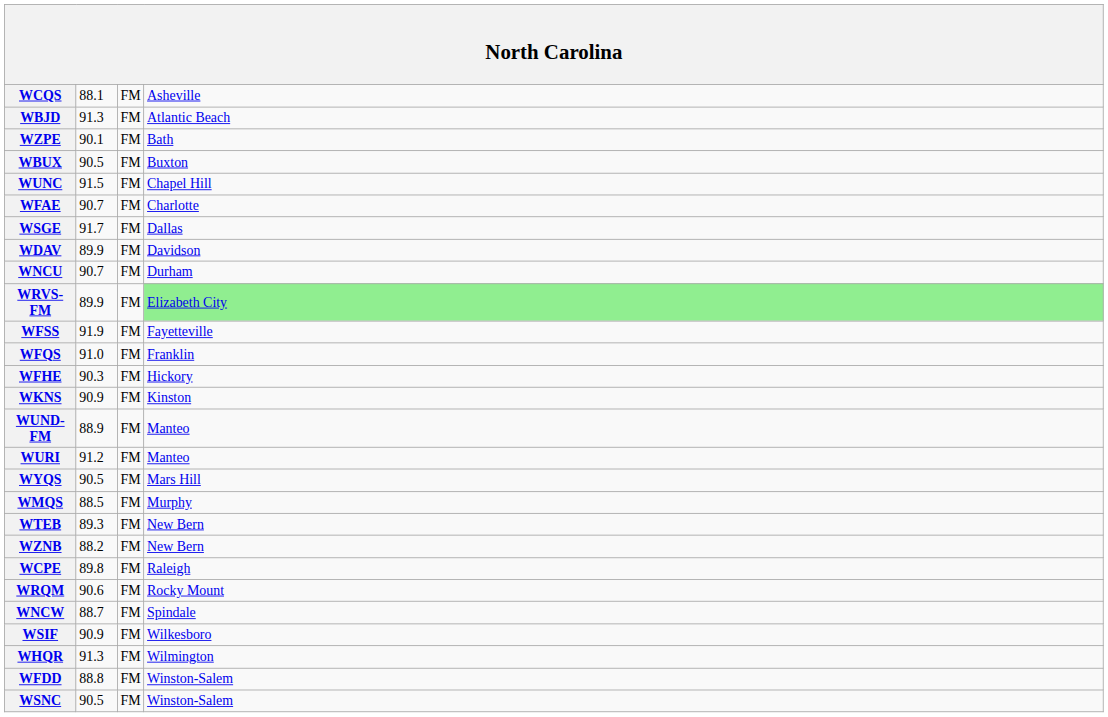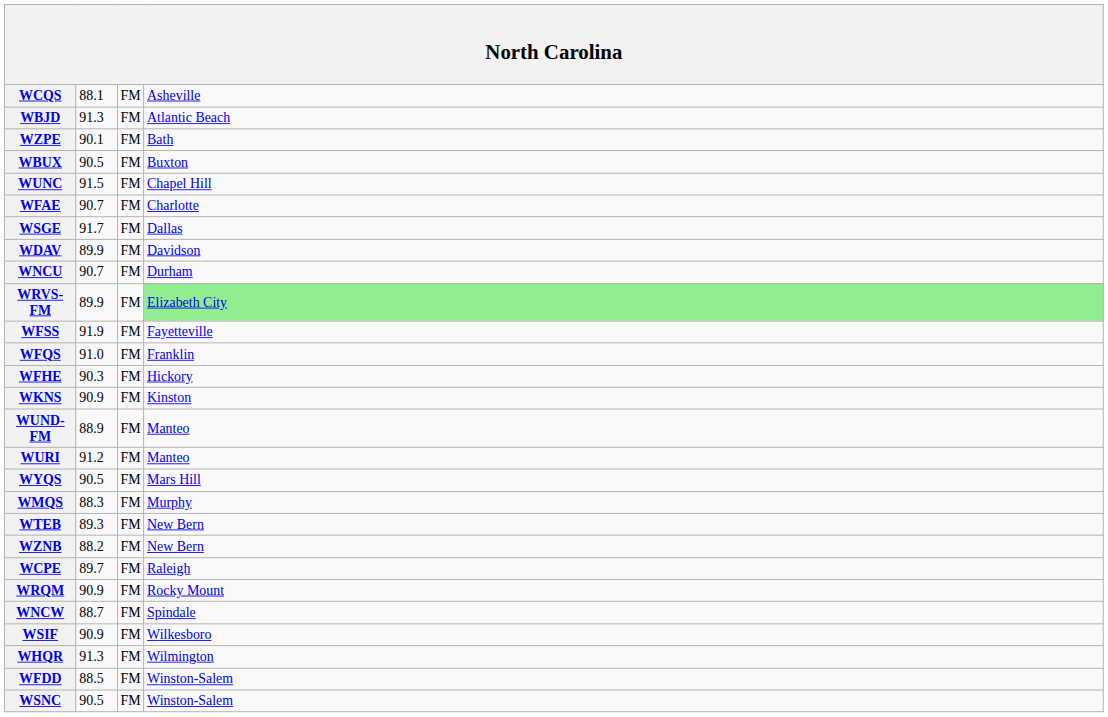 <table class="wikitable mw-collapsible" style="width:100%">
 <tr>
 <th scope="col" colspan="4"><br><h2>North Carolina</h2></th>
 </tr>
 <tr>
 <th scope="row" style="width: 75px;"><a href='#'>WCQS</a></th>
 <td style="width: 40px;">88.1</td>
 <td style="width: 21px;">FM</td>
 <td><a href='#'>Asheville</a></td>
 </tr>
 <tr>
 <th scope="row"><a href='#'>WBJD</a></th>
 <td>91.3</td>
 <td>FM</td>
 <td><a href='#'>Atlantic Beach</a></td>
 </tr>
 <tr>
 <th scope="row"><a href='#'>WZPE</a></th>
 <td>90.1</td>
 <td>FM</td>
 <td><a href='#'>Bath</a></td>
 </tr>
 <tr>
 <th scope="row"><a href='#'>WBUX</a></th>
 <td>90.5</td>
 <td>FM</td>
 <td><a href='#'>Buxton</a></td>
 </tr>
 <tr>
 <th scope="row"><a href='#'>WUNC</a></th>
 <td>91.5</td>
 <td>FM</td>
 <td><a href='#'>Chapel Hill</a></td>
 </tr>
 <tr>
 <th scope="row"><a href='#'>WFAE</a></th>
 <td>90.7</td>
 <td>FM</td>
 <td><a href='#'>Charlotte</a></td>
 </tr>
 <tr>
 <th scope="row"><a href='#'>WSGE</a></th>
 <td>91.7</td>
 <td>FM</td>
 <td><a href='#'>Dallas</a></td>
 </tr>
 <tr>
 <th scope="row"><a href='#'>WDAV</a></th>
 <td>89.9</td>
 <td>FM</td>
 <td><a href='#'>Davidson</a></td>
 </tr>
 <tr>
 <th scope="row"><a href='#'>WNCU</a></th>
 <td>90.7</td>
 <td>FM</td>
 <td><a href='#'>Durham</a></td>
 </tr>
 <tr>
 <th scope="row"><a href='#'>WRVS-FM</a></th>
 <td>89.9</td>
 <td>FM</td>
 <td style="background: lightgreen;"><a href='#'>Elizabeth City</a></td>
 </tr>
 <tr>
 <th scope="row"><a href='#'>WFSS</a></th>
 <td>91.9</td>
 <td>FM</td>
 <td><a href='#'>Fayetteville</a></td>
 </tr>
 <tr>
 <th scope="row"><a href='#'>WFQS</a></th>
 <td>91.0</td>
 <td>FM</td>
 <td><a href='#'>Franklin</a></td>
 </tr>
 <tr>
 <th scope="row"><a href='#'>WFHE</a></th>
 <td>90.3</td>
 <td>FM</td>
 <td><a href='#'>Hickory</a></td>
 </tr>
 <tr>
 <th scope="row"><a href='#'>WKNS</a></th>
 <td>90.9</td>
 <td>FM</td>
 <td><a href='#'>Kinston</a></td>
 </tr>
 <tr>
 <th scope="row"><a href='#'>WUND-FM</a></th>
 <td>88.9</td>
 <td>FM</td>
 <td><a href='#'>Manteo</a></td>
 </tr>
 <tr>
 <th scope="row"><a href='#'>WURI</a></th>
 <td>91.2</td>
 <td>FM</td>
 <td><a href='#'>Manteo</a></td>
 </tr>
 <tr>
 <th scope="row"><a href='#'>WYQS</a></th>
 <td>90.5</td>
 <td>FM</td>
 <td><a href='#'>Mars Hill</a></td>
 </tr>
 <tr>
 <th scope="row"><a href='#'>WMQS</a></th>
-<td>88.5</td>
+<td>88.3</td>
 <td>FM</td>
 <td><a href='#'>Murphy</a></td>
 </tr>
 <tr>
 <th scope="row"><a href='#'>WTEB</a></th>
 <td>89.3</td>
 <td>FM</td>
 <td><a href='#'>New Bern</a></td>
 </tr>
 <tr>
 <th scope="row"><a href='#'>WZNB</a></th>
 <td>88.2</td>
 <td>FM</td>
 <td><a href='#'>New Bern</a></td>
 </tr>
 <tr>
 <th scope="row"><a href='#'>WCPE</a></th>
-<td>89.8</td>
+<td>89.7</td>
 <td>FM</td>
 <td><a href='#'>Raleigh</a></td>
 </tr>
 <tr>
 <th scope="row"><a href='#'>WRQM</a></th>
-<td>90.6</td>
+<td>90.9</td>
 <td>FM</td>
 <td><a href='#'>Rocky Mount</a></td>
 </tr>
 <tr>
 <th scope="row"><a href='#'>WNCW</a></th>
 <td>88.7</td>
 <td>FM</td>
 <td><a href='#'>Spindale</a></td>
 </tr>
 <tr>
 <th scope="row"><a href='#'>WSIF</a></th>
 <td>90.9</td>
 <td>FM</td>
 <td><a href='#'>Wilkesboro</a></td>
 </tr>
 <tr>
 <th scope="row"><a href='#'>WHQR</a></th>
 <td>91.3</td>
 <td>FM</td>
 <td><a href='#'>Wilmington</a></td>
 </tr>
 <tr>
 <th scope="row"><a href='#'>WFDD</a></th>
-<td>88.8</td>
+<td>88.5</td>
 <td>FM</td>
 <td><a href='#'>Winston-Salem</a></td>
 </tr>
 <tr>
 <th scope="row"><a href='#'>WSNC</a></th>
 <td>90.5</td>
 <td>FM</td>
 <td><a href='#'>Winston-Salem</a></td>
 </tr>
 </table>
